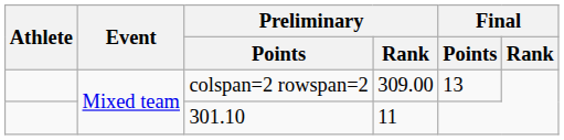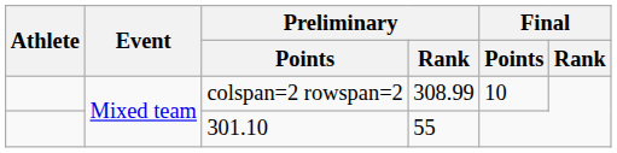 <table class="wikitable">
 <tr>
 <th rowspan="2">Athlete</th>
 <th rowspan="2">Event</th>
 <th colspan="2">Preliminary</th>
 <th colspan="2">Final</th>
 </tr>
 <tr>
 <th>Points</th>
 <th>Rank</th>
 <th>Points</th>
 <th>Rank</th>
 </tr>
 <tr>
 <td align="left"><br></td>
 <td rowspan="2" align="left"><a href='#'>Mixed team</a></td>
 <td>colspan=2 rowspan=2 </td>
-<td>309.00</td>
-<td>13</td>
+<td>308.99</td>
+<td>10</td>
 </tr>
 <tr>
 <td align="left"><br></td>
 <td>301.10</td>
-<td>11</td>
+<td>55</td>
 </tr>
 </table>
